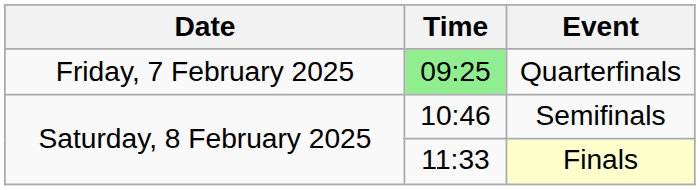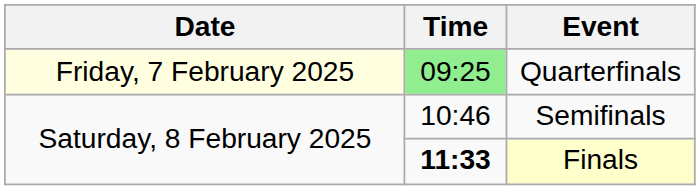 <table class = "wikitable" style="text-align:center;">
 <tr>
 <th width=220>Date</th>
 <th width=50>Time</th>
 <th width=100>Event</th>
 </tr>
 <tr>
-<td>Friday, 7 February 2025</td>
+<td style="background: lightyellow;">Friday, 7 February 2025</td>
 <td style="background: lightgreen;">09:25</td>
 <td>Quarterfinals</td>
 </tr>
 <tr>
 <td rowspan=2>Saturday, 8 February 2025</td>
 <td>10:46</td>
 <td>Semifinals</td>
 </tr>
 <tr>
-<td>11:33</td>
+<td><strong>11:33</strong></td>
 <td bgcolor=ffffcc>Finals</td>
 </tr>
 </table>
